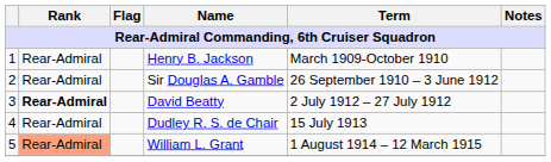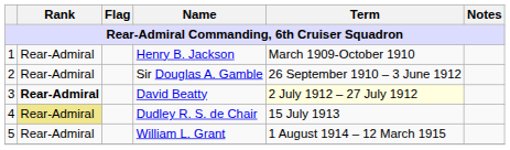 <table class="wikitable">
 <tr>
 <th></th>
 <th>Rank</th>
 <th>Flag</th>
 <th>Name</th>
 <th>Term</th>
 <th>Notes</th>
 </tr>
 <tr>
 <td colspan="6" align="center" style="background:#dcdcfe;"><strong>Rear-Admiral Commanding, 6th Cruiser Squadron</strong></td>
 </tr>
 <tr>
 <td>1</td>
 <td>Rear-Admiral</td>
 <td></td>
 <td><a href='#'>Henry B. Jackson</a></td>
 <td>March 1909-October 1910</td>
 <td></td>
 </tr>
 <tr>
 <td>2</td>
 <td>Rear-Admiral</td>
 <td></td>
 <td>Sir <a href='#'>Douglas A. Gamble</a></td>
 <td>26 September 1910  – 3 June 1912</td>
 <td></td>
 </tr>
 <tr>
 <td>3</td>
 <td><strong>Rear-Admiral</strong></td>
 <td></td>
 <td><a href='#'>David Beatty</a></td>
-<td>2 July 1912 – 27 July 1912</td>
+<td style="background: lightyellow;">2 July 1912 – 27 July 1912</td>
 <td></td>
 </tr>
 <tr>
 <td>4</td>
-<td>Rear-Admiral</td>
+<td style="background: khaki;">Rear-Admiral</td>
 <td></td>
 <td><a href='#'>Dudley R. S. de Chair</a></td>
 <td>15 July 1913</td>
 <td></td>
 </tr>
 <tr>
 <td>5</td>
-<td style="background: lightsalmon;">Rear-Admiral</td>
+<td>Rear-Admiral</td>
 <td></td>
 <td><a href='#'>William L. Grant</a></td>
 <td>1 August 1914 – 12 March 1915</td>
 <td></td>
 </tr>
 <tr>
 </tr>
 </table>
